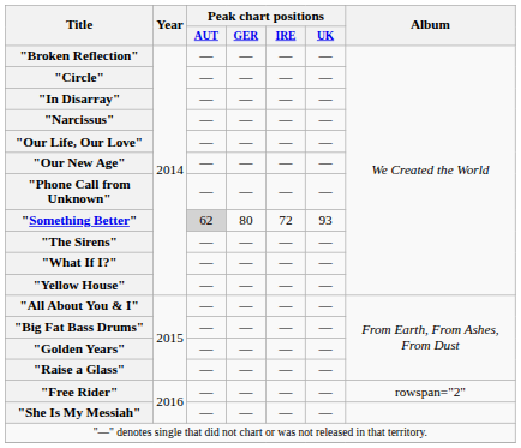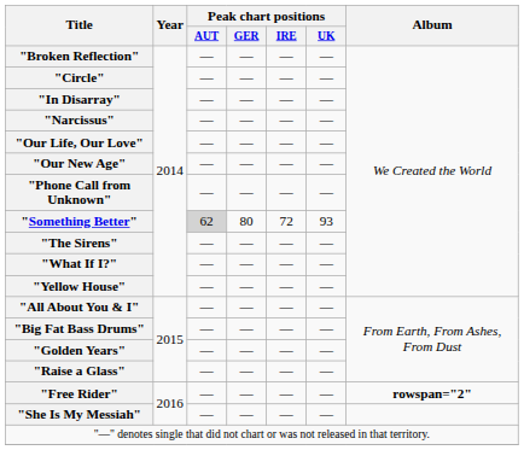 <table class="wikitable plainrowheaders" style="text-align:center;">
 <tr>
 <th scope="col" rowspan="2">Title</th>
 <th scope="col" rowspan="2">Year</th>
 <th scope="col" colspan="4">Peak chart positions</th>
 <th scope="col" rowspan="2">Album</th>
 </tr>
 <tr>
 <th scope="col" style="width:3em;font-size:85%;"><a href='#'>AUT</a><br></th>
 <th scope="col" style="width:3em;font-size:85%;"><a href='#'>GER</a><br></th>
 <th scope="col" style="width:3em;font-size:85%;"><a href='#'>IRE</a><br></th>
 <th scope="col" style="width:3em;font-size:85%;"><a href='#'>UK</a><br></th>
 </tr>
 <tr>
 <th scope="row">"Broken Reflection"</th>
 <td rowspan="11">2014</td>
 <td>—</td>
 <td>—</td>
 <td>—</td>
 <td>—</td>
 <td rowspan="11"><em>We Created the World</em></td>
 </tr>
 <tr>
 <th scope="row">"Circle"</th>
 <td>—</td>
 <td>—</td>
 <td>—</td>
 <td>—</td>
 </tr>
 <tr>
 <th scope="row">"In Disarray"</th>
 <td>—</td>
 <td>—</td>
 <td>—</td>
 <td>—</td>
 </tr>
 <tr>
 <th scope="row">"Narcissus"</th>
 <td>—</td>
 <td>—</td>
 <td>—</td>
 <td>—</td>
 </tr>
 <tr>
 <th scope="row">"Our Life, Our Love"</th>
 <td>—</td>
 <td>—</td>
 <td>—</td>
 <td>—</td>
 </tr>
 <tr>
 <th scope="row">"Our New Age"</th>
 <td>—</td>
 <td>—</td>
 <td>—</td>
 <td>—</td>
 </tr>
 <tr>
 <th scope="row">"Phone Call from Unknown"</th>
 <td>—</td>
 <td>—</td>
 <td>—</td>
 <td>—</td>
 </tr>
 <tr>
 <th scope="row">"<a href='#'>Something Better</a>"</th>
 <td style="background: lightgrey;">62</td>
 <td>80</td>
 <td>72</td>
 <td>93</td>
 </tr>
 <tr>
 <th scope="row">"The Sirens"</th>
 <td>—</td>
 <td>—</td>
 <td>—</td>
 <td>—</td>
 </tr>
 <tr>
 <th scope="row">"What If I?"</th>
 <td>—</td>
 <td>—</td>
 <td>—</td>
 <td>—</td>
 </tr>
 <tr>
 <th scope="row">"Yellow House"</th>
 <td>—</td>
 <td>—</td>
 <td>—</td>
 <td>—</td>
 </tr>
 <tr>
 <th scope="row">"All About You & I"</th>
 <td rowspan="4">2015</td>
 <td>—</td>
 <td>—</td>
 <td>—</td>
 <td>—</td>
 <td rowspan="4"><em>From Earth, From Ashes, From Dust</em></td>
 </tr>
 <tr>
 <th scope="row">"Big Fat Bass Drums"</th>
 <td>—</td>
 <td>—</td>
 <td>—</td>
 <td>—</td>
 </tr>
 <tr>
 <th scope="row">"Golden Years"</th>
 <td>—</td>
 <td>—</td>
 <td>—</td>
 <td>—</td>
 </tr>
 <tr>
 <th scope="row">"Raise a Glass"</th>
 <td>—</td>
 <td>—</td>
 <td>—</td>
 <td>—</td>
 </tr>
 <tr>
 <th scope="row">"Free Rider"</th>
 <td rowspan="2">2016</td>
 <td>—</td>
 <td>—</td>
 <td>—</td>
 <td>—</td>
-<td>rowspan="2" </td>
+<td><strong>rowspan="2" </strong></td>
 </tr>
 <tr>
 <th scope="row">"She Is My Messiah"</th>
 <td>—</td>
 <td>—</td>
 <td>—</td>
 <td>—</td>
 </tr>
 <tr>
 <td colspan="14" style="font-size:85%">"—" denotes single that did not chart or was not released in that territory.</td>
 </tr>
 <tr>
 </tr>
 </table>
